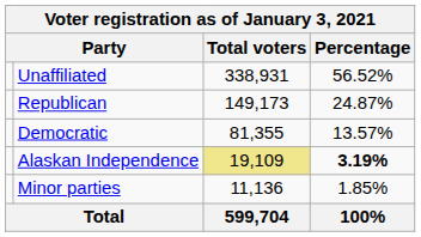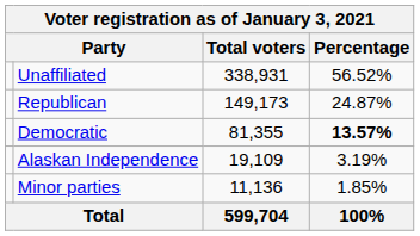 <table class=wikitable>
 <tr>
 <th colspan = 6>Voter registration as of January 3, 2021</th>
 </tr>
 <tr>
 <th colspan = 2>Party</th>
 <th>Total voters</th>
 <th>Percentage</th>
 </tr>
 <tr>
 <td></td>
 <td><a href='#'>Unaffiliated</a></td>
 <td align=center>338,931</td>
 <td align=center>56.52%</td>
 </tr>
 <tr>
 <td></td>
 <td><a href='#'>Republican</a></td>
 <td align=center>149,173</td>
 <td align=center>24.87%</td>
 </tr>
 <tr>
 <td></td>
 <td><a href='#'>Democratic</a></td>
 <td align=center>81,355</td>
-<td align=center>13.57%</td>
+<td align=center><strong>13.57%</strong></td>
 </tr>
 <tr>
 <td></td>
 <td><a href='#'>Alaskan Independence</a></td>
-<td align=center style="background: khaki;">19,109</td>
-<td align=center><strong>3.19%</strong></td>
+<td align=center>19,109</td>
+<td align=center>3.19%</td>
 </tr>
 <tr>
 <td></td>
 <td><a href='#'>Minor parties</a></td>
 <td align=center>11,136</td>
 <td align=center>1.85%</td>
 </tr>
 <tr>
 <th colspan = 2>Total</th>
 <th align=center>599,704</th>
 <th align=center>100%</th>
 </tr>
 </table>
